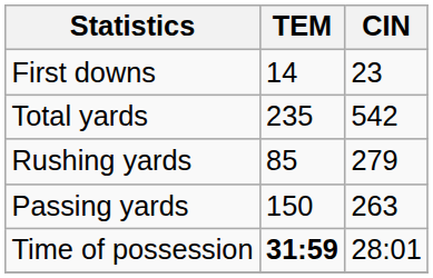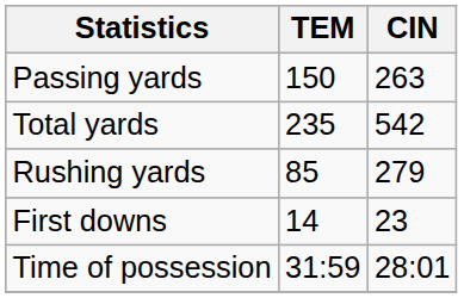 <table class="wikitable">
 <tr>
 <th>Statistics</th>
 <th>TEM</th>
 <th>CIN</th>
 </tr>
 <tr>
-<td>First downs</td>
-<td>14</td>
-<td>23</td>
+<td>Passing yards</td>
+<td>150</td>
+<td>263</td>
 </tr>
 <tr>
 <td>Total yards</td>
 <td>235</td>
 <td>542</td>
 </tr>
 <tr>
 <td>Rushing yards</td>
 <td>85</td>
 <td>279</td>
 </tr>
 <tr>
-<td>Passing yards</td>
-<td>150</td>
-<td>263</td>
+<td>First downs</td>
+<td>14</td>
+<td>23</td>
 </tr>
 <tr>
 <td>Time of possession</td>
-<td><strong>31:59</strong></td>
+<td>31:59</td>
 <td>28:01</td>
 </tr>
 <tr>
 </tr>
 </table>
